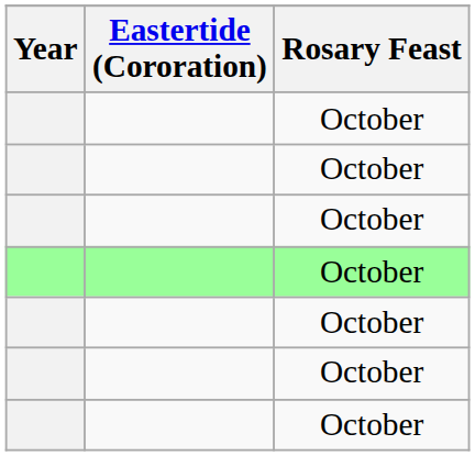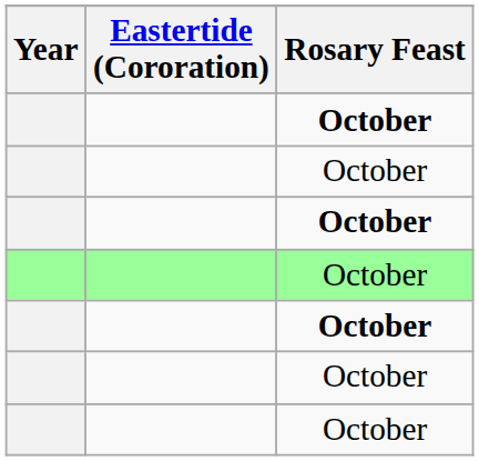 <table class="wikitable" style="float:right; margin-left:2em; text-align:center;">
 <tr>
 </tr>
 <tr>
 <th scope="col">Year</th>
 <th scope="col"><a href='#'>Eastertide</a><br>(Cororation)</th>
 <th scope="col">Rosary Feast</th>
 </tr>
 <tr>
 <th scope="row"></th>
 <td></td>
-<td>October </td>
+<td><strong>October </strong></td>
 </tr>
 <tr>
 <th scope="row"></th>
 <td></td>
 <td>October </td>
 </tr>
 <tr>
 <th scope="row"></th>
 <td></td>
-<td>October </td>
+<td><strong>October </strong></td>
 </tr>
 <tr>
 <th scope="row" style="background-color:#99FF99"></th>
 <td style="background-color:#99FF99"></td>
 <td style="background-color:#99FF99">October </td>
 </tr>
 <tr>
 <th scope="row"></th>
 <td></td>
-<td>October </td>
+<td><strong>October </strong></td>
 </tr>
 <tr>
 <th scope="row"></th>
 <td></td>
 <td>October </td>
 </tr>
 <tr>
 <th scope="row"></th>
 <td></td>
 <td>October </td>
 </tr>
 </table>
